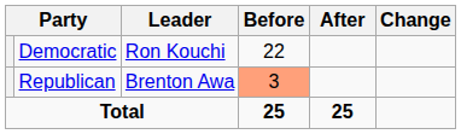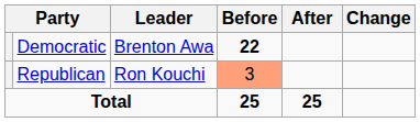 <table class="wikitable" style="text-align:center;">
 <tr>
 </tr>
 <tr>
 <th colspan="2">Party</th>
 <th>Leader</th>
 <th style="width:3em">Before</th>
 <th style="width:3em">After</th>
 <th style="width:3em">Change</th>
 </tr>
 <tr>
 <th style="background-color:"></th>
 <td style="text-align:left;"><a href='#'>Democratic</a></td>
-<td style="text-align:left;"><a href='#'>Ron Kouchi</a></td>
-<td>22</td>
+<td style="text-align:left;"><a href='#'>Brenton Awa</a></td>
+<td><strong>22</strong></td>
 <td></td>
 <td></td>
 </tr>
 <tr>
 <th style="background-color:"></th>
 <td style="text-align:left;"><a href='#'>Republican</a></td>
-<td style="text-align:left;"><a href='#'>Brenton Awa</a></td>
+<td style="text-align:left;"><a href='#'>Ron Kouchi</a></td>
 <td style="background: lightsalmon;">3</td>
 <td></td>
 <td></td>
 </tr>
 <tr>
 <td colspan="3"><strong>Total</strong></td>
 <td><strong>25</strong></td>
 <td><strong>25</strong></td>
 <td></td>
 </tr>
 </table>
